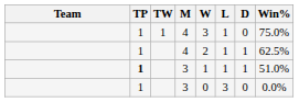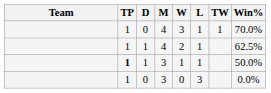 <table class="wikitable sortable">
 <tr align=center bgcolor=#efefef>
 <th width=165>Team</th>
 <th width=20>TP</th>
-<th width=20>TW</th>
+<th width=20>D</th>
 <th width=20>M</th>
 <th width=20>W</th>
 <th width=20>L</th>
-<th width=20>D</th>
+<th width=20>TW</th>
 <th width=30>Win%</th>
+</tr>
+<tr align=center style="background:#f5f5f5;">
+<td style="text-align:left;"></td>
+<td>1</td>
+<td>0</td>
+<td>4</td>
+<td>3</td>
+<td>1</td>
+<td>1</td>
+<td>70.0%</td>
 </tr>
 <tr align=center style="background:#f5f5f5;">
 <td style="text-align:left;"></td>
 <td>1</td>
 <td>1</td>
 <td>4</td>
-<td>3</td>
-<td>1</td>
-<td>0</td>
-<td>75.0%</td>
-</tr>
-<tr align=center style="background:#f5f5f5;">
-<td style="text-align:left;"></td>
+<td>2</td>
 <td>1</td>
 <td></td>
-<td>4</td>
-<td>2</td>
-<td>1</td>
-<td>1</td>
 <td>62.5%</td>
 </tr>
 <tr align=center style="background:#f5f5f5;">
 <td style="text-align:left;"></td>
 <td><strong>1</strong></td>
-<td></td>
+<td>1</td>
 <td>3</td>
 <td>1</td>
 <td>1</td>
-<td>1</td>
-<td>51.0%</td>
+<td></td>
+<td>50.0%</td>
 </tr>
 <tr align=center style="background:#f5f5f5;">
 <td style="text-align:left;"></td>
 <td>1</td>
-<td></td>
+<td>0</td>
 <td>3</td>
 <td>0</td>
 <td>3</td>
-<td>0</td>
+<td></td>
 <td>0.0%</td>
 </tr>
 </table>
